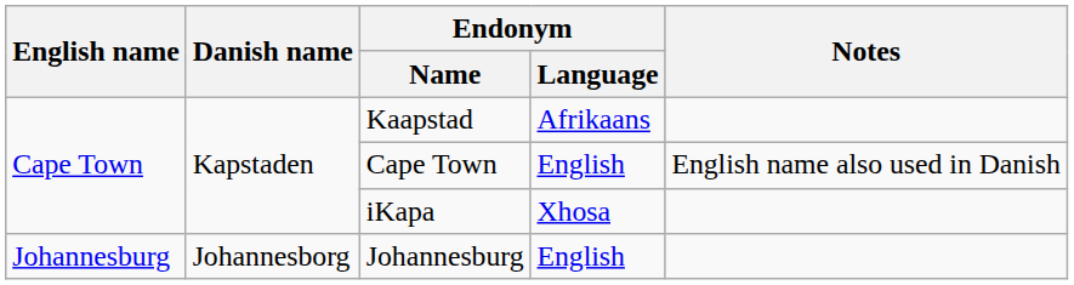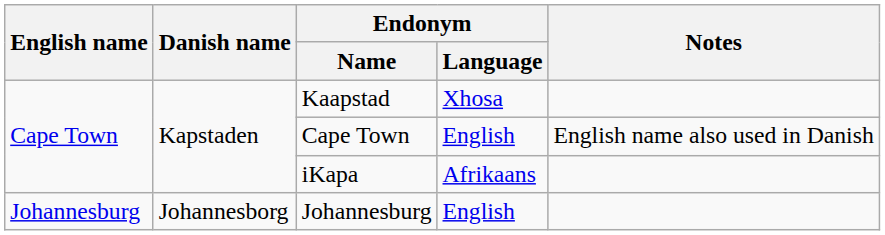 <table class="wikitable sortable mw-collapsible">
 <tr>
 <th rowspan="2"><strong>English name</strong></th>
 <th rowspan="2"><strong>Danish name</strong></th>
 <th colspan="2"><strong>Endonym</strong></th>
 <th rowspan="2"><strong>Notes</strong></th>
 </tr>
 <tr>
 <th><strong>Name</strong></th>
 <th><strong>Language</strong></th>
 </tr>
 <tr>
 <td rowspan="3"><a href='#'>Cape Town</a></td>
 <td rowspan="3">Kapstaden</td>
 <td>Kaapstad</td>
-<td><a href='#'>Afrikaans</a></td>
+<td><a href='#'>Xhosa</a></td>
 <td></td>
 </tr>
 <tr>
 <td>Cape Town</td>
 <td><a href='#'>English</a></td>
 <td>English name also used in Danish</td>
 </tr>
 <tr>
 <td>iKapa</td>
-<td><a href='#'>Xhosa</a></td>
+<td><a href='#'>Afrikaans</a></td>
 <td></td>
 </tr>
 <tr>
 <td><a href='#'>Johannesburg</a></td>
 <td>Johannesborg</td>
 <td>Johannesburg</td>
 <td><a href='#'>English</a></td>
 <td></td>
 </tr>
 </table>
